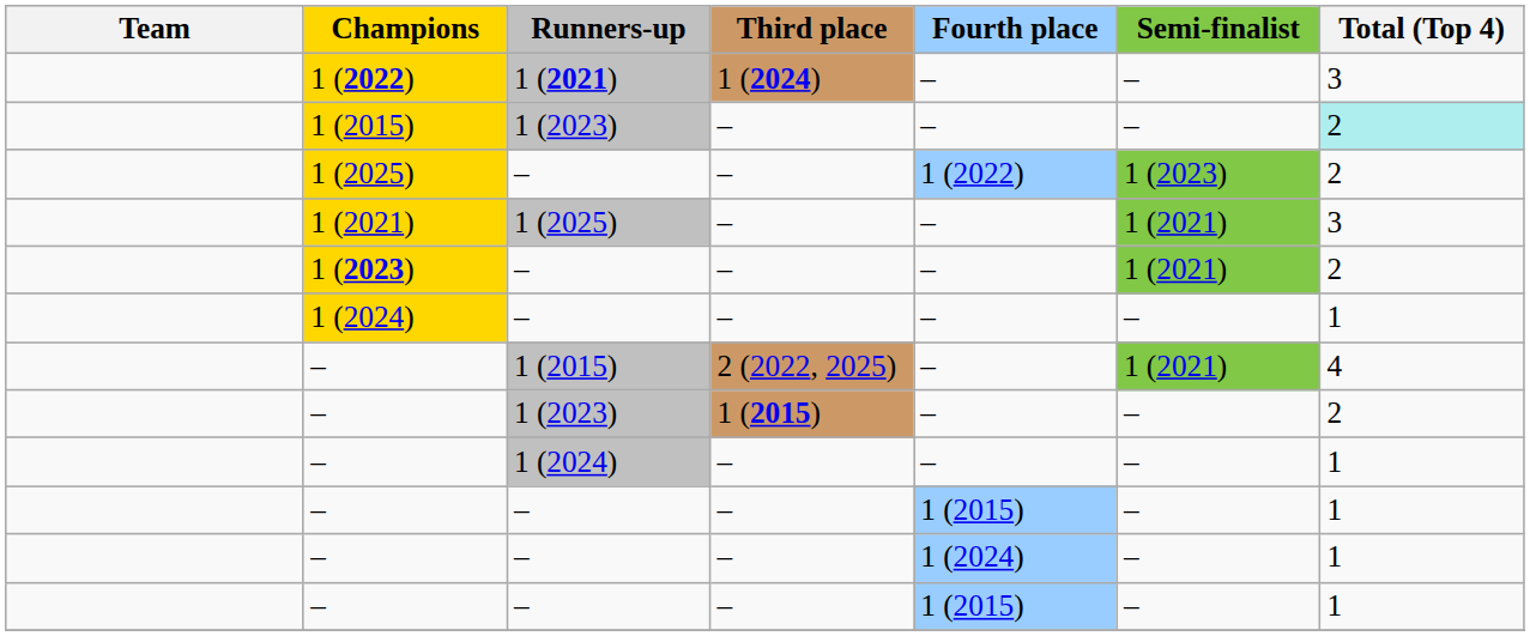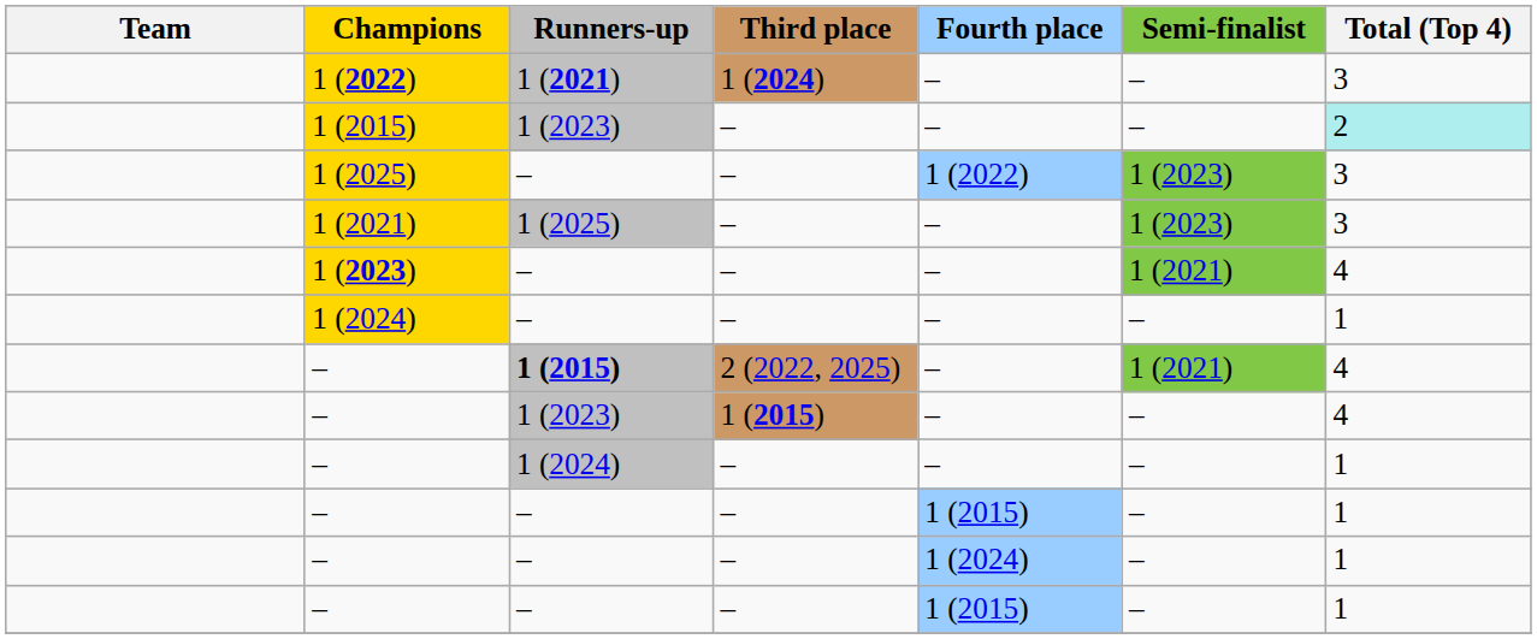 <table class="wikitable">
 <tr>
 <th width=150>Team</th>
 <th width=100 style="background-color:gold;">Champions</th>
 <th width=100 style="background-color:silver;">Runners-up</th>
 <th width=100 style="background-color:#cc9966;">Third place</th>
 <th width=100 style="background-color:#9acdff;">Fourth place</th>
 <th width=100 style="background-color:#81c846;">Semi-finalist</th>
 <th width=100>Total (Top 4)</th>
 </tr>
 <tr>
 <td></td>
 <td style="background-color:gold;">1 (<strong><a href='#'>2022</a></strong>)</td>
 <td style="background-color:silver;">1 (<strong><a href='#'>2021</a></strong>)</td>
 <td style="background-color:#cc9966;">1 (<strong><a href='#'>2024</a></strong>)</td>
 <td>–</td>
 <td>–</td>
 <td>3</td>
 </tr>
 <tr>
 <td></td>
 <td style="background-color:gold;">1 (<a href='#'>2015</a>)</td>
 <td style="background-color:silver;">1 (<a href='#'>2023</a>)</td>
 <td>–</td>
 <td>–</td>
 <td>–</td>
 <td style="background: paleturquoise;">2</td>
 </tr>
 <tr>
 <td></td>
 <td style="background-color:gold;">1 (<a href='#'>2025</a>)</td>
 <td>–</td>
 <td>–</td>
 <td style="background-color:#9acdff;">1 (<a href='#'>2022</a>)</td>
 <td style="background-color:#81c846;">1 (<a href='#'>2023</a>)</td>
-<td>2</td>
+<td>3</td>
 </tr>
 <tr>
 <td></td>
 <td style="background-color:gold;">1 (<a href='#'>2021</a>)</td>
 <td style="background-color:silver;">1 (<a href='#'>2025</a>)</td>
 <td>–</td>
 <td>–</td>
-<td style="background-color:#81c846;">1 (<a href='#'>2021</a>)</td>
+<td style="background-color:#81c846;">1 (<a href='#'>2023</a>)</td>
 <td>3</td>
 </tr>
 <tr>
 <td></td>
 <td style="background-color:gold;">1 (<strong><a href='#'>2023</a></strong>)</td>
 <td>–</td>
 <td>–</td>
 <td>–</td>
 <td style="background-color:#81c846;">1 (<a href='#'>2021</a>)</td>
-<td>2</td>
+<td>4</td>
 </tr>
 <tr>
 <td></td>
 <td style="background-color:gold;">1 (<a href='#'>2024</a>)</td>
 <td>–</td>
 <td>–</td>
 <td>–</td>
 <td>–</td>
 <td>1</td>
 </tr>
 <tr>
 <td></td>
 <td>–</td>
-<td style="background-color:silver;">1 (<a href='#'>2015</a>)</td>
+<td style="background-color:silver;"><strong>1 (<a href='#'>2015</a>)</strong></td>
 <td style="background-color:#cc9966;">2 (<a href='#'>2022</a>, <a href='#'>2025</a>)</td>
 <td>–</td>
 <td style="background-color:#81c846;">1 (<a href='#'>2021</a>)</td>
 <td>4</td>
 </tr>
 <tr>
 <td></td>
 <td>–</td>
 <td style="background-color:silver;">1 (<a href='#'>2023</a>)</td>
 <td style="background-color:#cc9966;">1 (<strong><a href='#'>2015</a></strong>)</td>
 <td>–</td>
 <td>–</td>
-<td>2</td>
+<td>4</td>
 </tr>
 <tr>
 <td></td>
 <td>–</td>
 <td style="background-color:silver;">1 (<a href='#'>2024</a>)</td>
 <td>–</td>
 <td>–</td>
 <td>–</td>
 <td>1</td>
 </tr>
 <tr>
 <td></td>
 <td>–</td>
 <td>–</td>
 <td>–</td>
 <td style="background-color:#9acdff;">1 (<a href='#'>2015</a>)</td>
 <td>–</td>
 <td>1</td>
 </tr>
 <tr>
 <td></td>
 <td>–</td>
 <td>–</td>
 <td>–</td>
 <td style="background-color:#9acdff;">1 (<a href='#'>2024</a>)</td>
 <td>–</td>
 <td>1</td>
 </tr>
 <tr>
 <td></td>
 <td>–</td>
 <td>–</td>
 <td>–</td>
 <td style="background-color:#9acdff;">1 (<a href='#'>2015</a>)</td>
 <td>–</td>
 <td>1</td>
 </tr>
 <tr>
 </tr>
 </table>
